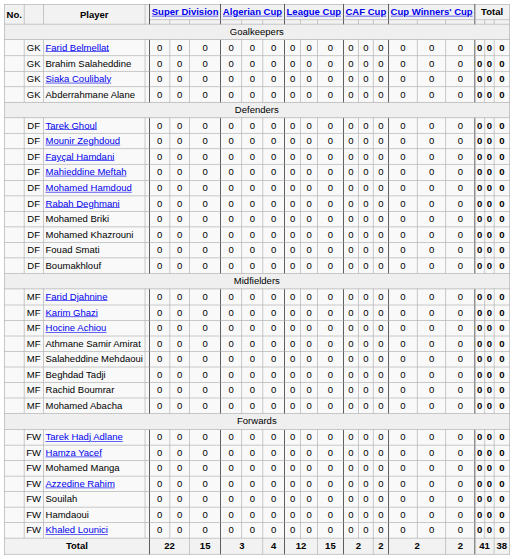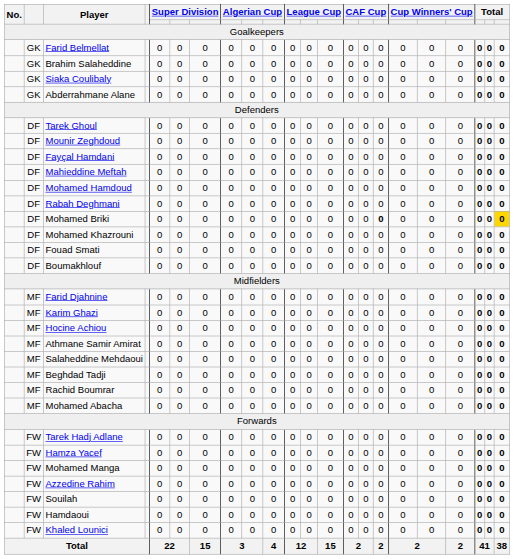 <table class="wikitable mw-datatable sortable nowrap" style="text-align:center; font-size:96%;">
 <tr>
 <th rowspan="2">No.</th>
 <th rowspan="2"></th>
 <th rowspan="2">Player</th>
 <th rowspan="2" style="border-right: 1pt black solid"></th>
 <th colspan="3" style="border-right: 1pt black solid"><a href='#'>Super Division</a></th>
 <th colspan="3" style="border-right: 1pt black solid"><a href='#'>Algerian Cup</a></th>
 <th colspan="3" style="border-right: 1pt black solid"><a href='#'>League Cup</a></th>
 <th colspan="3" style="border-right: 1pt black solid"><a href='#'>CAF Cup</a></th>
 <th colspan="3" style="border-right: 1pt black solid"><a href='#'>Cup Winners' Cup</a></th>
 <th colspan="3">Total</th>
 </tr>
 <tr>
 <th></th>
 <th></th>
 <th style="border-right: 1pt black solid"></th>
 <th></th>
 <th></th>
 <th style="border-right: 1pt black solid"></th>
 <th></th>
 <th></th>
 <th style="border-right: 1pt black solid"></th>
 <th></th>
 <th></th>
 <th style="border-right: 1pt black solid"></th>
 <th></th>
 <th></th>
 <th style="border-right: 1pt black solid"></th>
 <th></th>
 <th></th>
 <th></th>
 </tr>
 <tr bgcolor=efefef class="sortbottom">
 <td colspan=22>Goalkeepers</td>
 </tr>
 <tr>
 <td></td>
 <td>GK</td>
 <td style="text-align:left"><a href='#'>Farid Belmellat</a></td>
 <td style="border-right: 1pt black solid"></td>
 <td>0</td>
 <td>0</td>
 <td style="border-right: 1pt black solid">0</td>
 <td>0</td>
 <td>0</td>
 <td style="border-right: 1pt black solid">0</td>
 <td>0</td>
 <td>0</td>
 <td style="border-right: 1pt black solid">0</td>
 <td>0</td>
 <td>0</td>
 <td style="border-right: 1pt black solid">0</td>
 <td>0</td>
 <td>0</td>
 <td style="border-right: 1pt black solid">0</td>
 <td><strong>0</strong></td>
 <td><strong>0</strong></td>
 <td><strong>0</strong></td>
 </tr>
 <tr>
 <td></td>
 <td>GK</td>
 <td style="text-align:left">Brahim Salaheddine</td>
 <td style="border-right: 1pt black solid"></td>
 <td>0</td>
 <td>0</td>
 <td style="border-right: 1pt black solid">0</td>
 <td>0</td>
 <td>0</td>
 <td style="border-right: 1pt black solid">0</td>
 <td>0</td>
 <td>0</td>
 <td style="border-right: 1pt black solid">0</td>
 <td>0</td>
 <td>0</td>
 <td style="border-right: 1pt black solid">0</td>
 <td>0</td>
 <td>0</td>
 <td style="border-right: 1pt black solid">0</td>
 <td><strong>0</strong></td>
 <td><strong>0</strong></td>
 <td><strong>0</strong></td>
 </tr>
 <tr>
 <td></td>
 <td>GK</td>
 <td style="text-align:left"><a href='#'>Siaka Coulibaly</a></td>
 <td style="border-right: 1pt black solid"></td>
 <td>0</td>
 <td>0</td>
 <td style="border-right: 1pt black solid">0</td>
 <td>0</td>
 <td>0</td>
 <td style="border-right: 1pt black solid">0</td>
 <td>0</td>
 <td>0</td>
 <td style="border-right: 1pt black solid">0</td>
 <td>0</td>
 <td>0</td>
 <td style="border-right: 1pt black solid">0</td>
 <td>0</td>
 <td>0</td>
 <td style="border-right: 1pt black solid">0</td>
 <td><strong>0</strong></td>
 <td><strong>0</strong></td>
 <td><strong>0</strong></td>
 </tr>
 <tr>
 <td></td>
 <td>GK</td>
 <td style="text-align:left">Abderrahmane Alane</td>
 <td style="border-right: 1pt black solid"></td>
 <td>0</td>
 <td>0</td>
 <td style="border-right: 1pt black solid">0</td>
 <td>0</td>
 <td>0</td>
 <td style="border-right: 1pt black solid">0</td>
 <td>0</td>
 <td>0</td>
 <td style="border-right: 1pt black solid">0</td>
 <td>0</td>
 <td>0</td>
 <td style="border-right: 1pt black solid">0</td>
 <td>0</td>
 <td>0</td>
 <td style="border-right: 1pt black solid">0</td>
 <td><strong>0</strong></td>
 <td><strong>0</strong></td>
 <td><strong>0</strong></td>
 </tr>
 <tr bgcolor=efefef class="sortbottom">
 <td colspan=22>Defenders</td>
 </tr>
 <tr>
 <td></td>
 <td>DF</td>
 <td style="text-align:left"><a href='#'>Tarek Ghoul</a></td>
 <td style="border-right: 1pt black solid"></td>
 <td>0</td>
 <td>0</td>
 <td style="border-right: 1pt black solid">0</td>
 <td>0</td>
 <td>0</td>
 <td style="border-right: 1pt black solid">0</td>
 <td>0</td>
 <td>0</td>
 <td style="border-right: 1pt black solid">0</td>
 <td>0</td>
 <td>0</td>
 <td style="border-right: 1pt black solid">0</td>
 <td>0</td>
 <td>0</td>
 <td style="border-right: 1pt black solid">0</td>
 <td><strong>0</strong></td>
 <td><strong>0</strong></td>
 <td><strong>0</strong></td>
 </tr>
 <tr>
 <td></td>
 <td>DF</td>
 <td style="text-align:left"><a href='#'>Mounir Zeghdoud</a></td>
 <td style="border-right: 1pt black solid"></td>
 <td>0</td>
 <td>0</td>
 <td style="border-right: 1pt black solid">0</td>
 <td>0</td>
 <td>0</td>
 <td style="border-right: 1pt black solid">0</td>
 <td>0</td>
 <td>0</td>
 <td style="border-right: 1pt black solid">0</td>
 <td>0</td>
 <td>0</td>
 <td style="border-right: 1pt black solid">0</td>
 <td>0</td>
 <td>0</td>
 <td style="border-right: 1pt black solid">0</td>
 <td><strong>0</strong></td>
 <td><strong>0</strong></td>
 <td><strong>0</strong></td>
 </tr>
 <tr>
 <td></td>
 <td>DF</td>
 <td style="text-align:left"><a href='#'>Fayçal Hamdani</a></td>
 <td style="border-right: 1pt black solid"></td>
 <td>0</td>
 <td>0</td>
 <td style="border-right: 1pt black solid">0</td>
 <td>0</td>
 <td>0</td>
 <td style="border-right: 1pt black solid">0</td>
 <td>0</td>
 <td>0</td>
 <td style="border-right: 1pt black solid">0</td>
 <td>0</td>
 <td>0</td>
 <td style="border-right: 1pt black solid">0</td>
 <td>0</td>
 <td>0</td>
 <td style="border-right: 1pt black solid">0</td>
 <td><strong>0</strong></td>
 <td><strong>0</strong></td>
 <td><strong>0</strong></td>
 </tr>
 <tr>
 <td></td>
 <td>DF</td>
 <td style="text-align:left"><a href='#'>Mahieddine Meftah</a></td>
 <td style="border-right: 1pt black solid"></td>
 <td>0</td>
 <td>0</td>
 <td style="border-right: 1pt black solid">0</td>
 <td>0</td>
 <td>0</td>
 <td style="border-right: 1pt black solid">0</td>
 <td>0</td>
 <td>0</td>
 <td style="border-right: 1pt black solid">0</td>
 <td>0</td>
 <td>0</td>
 <td style="border-right: 1pt black solid">0</td>
 <td>0</td>
 <td>0</td>
 <td style="border-right: 1pt black solid">0</td>
 <td><strong>0</strong></td>
 <td><strong>0</strong></td>
 <td><strong>0</strong></td>
 </tr>
 <tr>
 <td></td>
 <td>DF</td>
 <td style="text-align:left"><a href='#'>Mohamed Hamdoud</a></td>
 <td style="border-right: 1pt black solid"></td>
 <td>0</td>
 <td>0</td>
 <td style="border-right: 1pt black solid">0</td>
 <td>0</td>
 <td>0</td>
 <td style="border-right: 1pt black solid">0</td>
 <td>0</td>
 <td>0</td>
 <td style="border-right: 1pt black solid">0</td>
 <td>0</td>
 <td>0</td>
 <td style="border-right: 1pt black solid">0</td>
 <td>0</td>
 <td>0</td>
 <td style="border-right: 1pt black solid">0</td>
 <td><strong>0</strong></td>
 <td><strong>0</strong></td>
 <td><strong>0</strong></td>
 </tr>
 <tr>
 <td></td>
 <td>DF</td>
 <td style="text-align:left"><a href='#'>Rabah Deghmani</a></td>
 <td style="border-right: 1pt black solid"></td>
 <td>0</td>
 <td>0</td>
 <td style="border-right: 1pt black solid">0</td>
 <td>0</td>
 <td>0</td>
 <td style="border-right: 1pt black solid">0</td>
 <td>0</td>
 <td>0</td>
 <td style="border-right: 1pt black solid">0</td>
 <td>0</td>
 <td>0</td>
 <td style="border-right: 1pt black solid">0</td>
 <td>0</td>
 <td>0</td>
 <td style="border-right: 1pt black solid">0</td>
 <td><strong>0</strong></td>
 <td><strong>0</strong></td>
 <td><strong>0</strong></td>
 </tr>
 <tr>
 <td></td>
 <td>DF</td>
 <td style="text-align:left">Mohamed Briki</td>
 <td style="border-right: 1pt black solid"></td>
 <td>0</td>
 <td>0</td>
 <td style="border-right: 1pt black solid">0</td>
 <td>0</td>
 <td>0</td>
 <td style="border-right: 1pt black solid">0</td>
 <td>0</td>
 <td>0</td>
 <td style="border-right: 1pt black solid">0</td>
 <td>0</td>
 <td>0</td>
-<td style="border-right: 1pt black solid">0</td>
+<td style="border-right: 1pt black solid"><strong>0</strong></td>
 <td>0</td>
 <td>0</td>
 <td style="border-right: 1pt black solid">0</td>
 <td><strong>0</strong></td>
 <td><strong>0</strong></td>
-<td><strong>0</strong></td>
+<td style="background: gold;"><strong>0</strong></td>
 </tr>
 <tr>
 <td></td>
 <td>DF</td>
 <td style="text-align:left">Mohamed Khazrouni</td>
 <td style="border-right: 1pt black solid"></td>
 <td>0</td>
 <td>0</td>
 <td style="border-right: 1pt black solid">0</td>
 <td>0</td>
 <td>0</td>
 <td style="border-right: 1pt black solid">0</td>
 <td>0</td>
 <td>0</td>
 <td style="border-right: 1pt black solid">0</td>
 <td>0</td>
 <td>0</td>
 <td style="border-right: 1pt black solid">0</td>
 <td>0</td>
 <td>0</td>
 <td style="border-right: 1pt black solid">0</td>
 <td><strong>0</strong></td>
 <td><strong>0</strong></td>
 <td><strong>0</strong></td>
 </tr>
 <tr>
 <td></td>
 <td>DF</td>
 <td style="text-align:left">Fouad Smati</td>
 <td style="border-right: 1pt black solid"></td>
 <td>0</td>
 <td>0</td>
 <td style="border-right: 1pt black solid">0</td>
 <td>0</td>
 <td>0</td>
 <td style="border-right: 1pt black solid">0</td>
 <td>0</td>
 <td>0</td>
 <td style="border-right: 1pt black solid">0</td>
 <td>0</td>
 <td>0</td>
 <td style="border-right: 1pt black solid">0</td>
 <td>0</td>
 <td>0</td>
 <td style="border-right: 1pt black solid">0</td>
 <td><strong>0</strong></td>
 <td><strong>0</strong></td>
 <td><strong>0</strong></td>
 </tr>
 <tr>
 <td></td>
 <td>DF</td>
 <td style="text-align:left">Boumakhlouf</td>
 <td style="border-right: 1pt black solid"></td>
 <td>0</td>
 <td>0</td>
 <td style="border-right: 1pt black solid">0</td>
 <td>0</td>
 <td>0</td>
 <td style="border-right: 1pt black solid">0</td>
 <td>0</td>
 <td>0</td>
 <td style="border-right: 1pt black solid">0</td>
 <td>0</td>
 <td>0</td>
 <td style="border-right: 1pt black solid">0</td>
 <td>0</td>
 <td>0</td>
 <td style="border-right: 1pt black solid">0</td>
 <td><strong>0</strong></td>
 <td><strong>0</strong></td>
 <td><strong>0</strong></td>
 </tr>
 <tr bgcolor=efefef class="sortbottom">
 <td colspan=22>Midfielders</td>
 </tr>
 <tr>
 <td></td>
 <td>MF</td>
 <td style="text-align:left"><a href='#'>Farid Djahnine</a></td>
 <td style="border-right: 1pt black solid"></td>
 <td>0</td>
 <td>0</td>
 <td style="border-right: 1pt black solid">0</td>
 <td>0</td>
 <td>0</td>
 <td style="border-right: 1pt black solid">0</td>
 <td>0</td>
 <td>0</td>
 <td style="border-right: 1pt black solid">0</td>
 <td>0</td>
 <td>0</td>
 <td style="border-right: 1pt black solid">0</td>
 <td>0</td>
 <td>0</td>
 <td style="border-right: 1pt black solid">0</td>
 <td><strong>0</strong></td>
 <td><strong>0</strong></td>
 <td><strong>0</strong></td>
 </tr>
 <tr>
 <td></td>
 <td>MF</td>
 <td style="text-align:left"><a href='#'>Karim Ghazi</a></td>
 <td style="border-right: 1pt black solid"></td>
 <td>0</td>
 <td>0</td>
 <td style="border-right: 1pt black solid">0</td>
 <td>0</td>
 <td>0</td>
 <td style="border-right: 1pt black solid">0</td>
 <td>0</td>
 <td>0</td>
 <td style="border-right: 1pt black solid">0</td>
 <td>0</td>
 <td>0</td>
 <td style="border-right: 1pt black solid">0</td>
 <td>0</td>
 <td>0</td>
 <td style="border-right: 1pt black solid">0</td>
 <td><strong>0</strong></td>
 <td><strong>0</strong></td>
 <td><strong>0</strong></td>
 </tr>
 <tr>
 <td></td>
 <td>MF</td>
 <td style="text-align:left"><a href='#'>Hocine Achiou</a></td>
 <td style="border-right: 1pt black solid"></td>
 <td>0</td>
 <td>0</td>
 <td style="border-right: 1pt black solid">0</td>
 <td>0</td>
 <td>0</td>
 <td style="border-right: 1pt black solid">0</td>
 <td>0</td>
 <td>0</td>
 <td style="border-right: 1pt black solid">0</td>
 <td>0</td>
 <td>0</td>
 <td style="border-right: 1pt black solid">0</td>
 <td>0</td>
 <td>0</td>
 <td style="border-right: 1pt black solid">0</td>
 <td><strong>0</strong></td>
 <td><strong>0</strong></td>
 <td><strong>0</strong></td>
 </tr>
 <tr>
 <td></td>
 <td>MF</td>
 <td style="text-align:left">Athmane Samir Amirat</td>
 <td style="border-right: 1pt black solid"></td>
 <td>0</td>
 <td>0</td>
 <td style="border-right: 1pt black solid">0</td>
 <td>0</td>
 <td>0</td>
 <td style="border-right: 1pt black solid">0</td>
 <td>0</td>
 <td>0</td>
 <td style="border-right: 1pt black solid">0</td>
 <td>0</td>
 <td>0</td>
 <td style="border-right: 1pt black solid">0</td>
 <td>0</td>
 <td>0</td>
 <td style="border-right: 1pt black solid">0</td>
 <td><strong>0</strong></td>
 <td><strong>0</strong></td>
 <td><strong>0</strong></td>
 </tr>
 <tr>
 <td></td>
 <td>MF</td>
 <td style="text-align:left">Salaheddine Mehdaoui</td>
 <td style="border-right: 1pt black solid"></td>
 <td>0</td>
 <td>0</td>
 <td style="border-right: 1pt black solid">0</td>
 <td>0</td>
 <td>0</td>
 <td style="border-right: 1pt black solid">0</td>
 <td>0</td>
 <td>0</td>
 <td style="border-right: 1pt black solid">0</td>
 <td>0</td>
 <td>0</td>
 <td style="border-right: 1pt black solid">0</td>
 <td>0</td>
 <td>0</td>
 <td style="border-right: 1pt black solid">0</td>
 <td><strong>0</strong></td>
 <td><strong>0</strong></td>
 <td><strong>0</strong></td>
 </tr>
 <tr>
 <td></td>
 <td>MF</td>
 <td style="text-align:left">Beghdad Tadji</td>
 <td style="border-right: 1pt black solid"></td>
 <td>0</td>
 <td>0</td>
 <td style="border-right: 1pt black solid">0</td>
 <td>0</td>
 <td>0</td>
 <td style="border-right: 1pt black solid">0</td>
 <td>0</td>
 <td>0</td>
 <td style="border-right: 1pt black solid">0</td>
 <td>0</td>
 <td>0</td>
 <td style="border-right: 1pt black solid">0</td>
 <td>0</td>
 <td>0</td>
 <td style="border-right: 1pt black solid">0</td>
 <td><strong>0</strong></td>
 <td><strong>0</strong></td>
 <td><strong>0</strong></td>
 </tr>
 <tr>
 <td></td>
 <td>MF</td>
 <td style="text-align:left">Rachid Boumrar</td>
 <td style="border-right: 1pt black solid"></td>
 <td>0</td>
 <td>0</td>
 <td style="border-right: 1pt black solid">0</td>
 <td>0</td>
 <td>0</td>
 <td style="border-right: 1pt black solid">0</td>
 <td>0</td>
 <td>0</td>
 <td style="border-right: 1pt black solid">0</td>
 <td>0</td>
 <td>0</td>
 <td style="border-right: 1pt black solid">0</td>
 <td>0</td>
 <td>0</td>
 <td style="border-right: 1pt black solid">0</td>
 <td><strong>0</strong></td>
 <td><strong>0</strong></td>
 <td><strong>0</strong></td>
 </tr>
 <tr>
 <td></td>
 <td>MF</td>
 <td style="text-align:left">Mohamed Abacha</td>
 <td style="border-right: 1pt black solid"></td>
 <td>0</td>
 <td>0</td>
 <td style="border-right: 1pt black solid">0</td>
 <td>0</td>
 <td>0</td>
 <td style="border-right: 1pt black solid">0</td>
 <td>0</td>
 <td>0</td>
 <td style="border-right: 1pt black solid">0</td>
 <td>0</td>
 <td>0</td>
 <td style="border-right: 1pt black solid">0</td>
 <td>0</td>
 <td>0</td>
 <td style="border-right: 1pt black solid">0</td>
 <td><strong>0</strong></td>
 <td><strong>0</strong></td>
 <td><strong>0</strong></td>
 </tr>
 <tr bgcolor=efefef class="sortbottom">
 <td colspan=22>Forwards</td>
 </tr>
 <tr>
 <td></td>
 <td>FW</td>
 <td style="text-align:left"><a href='#'>Tarek Hadj Adlane</a></td>
 <td style="border-right: 1pt black solid"></td>
 <td>0</td>
 <td>0</td>
 <td style="border-right: 1pt black solid">0</td>
 <td>0</td>
 <td>0</td>
 <td style="border-right: 1pt black solid">0</td>
 <td>0</td>
 <td>0</td>
 <td style="border-right: 1pt black solid">0</td>
 <td>0</td>
 <td>0</td>
 <td style="border-right: 1pt black solid">0</td>
 <td>0</td>
 <td>0</td>
 <td style="border-right: 1pt black solid">0</td>
 <td><strong>0</strong></td>
 <td><strong>0</strong></td>
 <td><strong>0</strong></td>
 </tr>
 <tr>
 <td></td>
 <td>FW</td>
 <td style="text-align:left"><a href='#'>Hamza Yacef</a></td>
 <td style="border-right: 1pt black solid"></td>
 <td>0</td>
 <td>0</td>
 <td style="border-right: 1pt black solid">0</td>
 <td>0</td>
 <td>0</td>
 <td style="border-right: 1pt black solid">0</td>
 <td>0</td>
 <td>0</td>
 <td style="border-right: 1pt black solid">0</td>
 <td>0</td>
 <td>0</td>
 <td style="border-right: 1pt black solid">0</td>
 <td>0</td>
 <td>0</td>
 <td style="border-right: 1pt black solid">0</td>
 <td><strong>0</strong></td>
 <td><strong>0</strong></td>
 <td><strong>0</strong></td>
 </tr>
 <tr>
 <td></td>
 <td>FW</td>
 <td style="text-align:left">Mohamed Manga</td>
 <td style="border-right: 1pt black solid"></td>
 <td>0</td>
 <td>0</td>
 <td style="border-right: 1pt black solid">0</td>
 <td>0</td>
 <td>0</td>
 <td style="border-right: 1pt black solid">0</td>
 <td>0</td>
 <td>0</td>
 <td style="border-right: 1pt black solid">0</td>
 <td>0</td>
 <td>0</td>
 <td style="border-right: 1pt black solid">0</td>
 <td>0</td>
 <td>0</td>
 <td style="border-right: 1pt black solid">0</td>
 <td><strong>0</strong></td>
 <td><strong>0</strong></td>
 <td><strong>0</strong></td>
 </tr>
 <tr>
 <td></td>
 <td>FW</td>
 <td style="text-align:left"><a href='#'>Azzedine Rahim</a></td>
 <td style="border-right: 1pt black solid"></td>
 <td>0</td>
 <td>0</td>
 <td style="border-right: 1pt black solid">0</td>
 <td>0</td>
 <td>0</td>
 <td style="border-right: 1pt black solid">0</td>
 <td>0</td>
 <td>0</td>
 <td style="border-right: 1pt black solid">0</td>
 <td>0</td>
 <td>0</td>
 <td style="border-right: 1pt black solid">0</td>
 <td>0</td>
 <td>0</td>
 <td style="border-right: 1pt black solid">0</td>
 <td><strong>0</strong></td>
 <td><strong>0</strong></td>
 <td><strong>0</strong></td>
 </tr>
 <tr>
 <td></td>
 <td>FW</td>
 <td style="text-align:left">Souilah</td>
 <td style="border-right: 1pt black solid"></td>
 <td>0</td>
 <td>0</td>
 <td style="border-right: 1pt black solid">0</td>
 <td>0</td>
 <td>0</td>
 <td style="border-right: 1pt black solid">0</td>
 <td>0</td>
 <td>0</td>
 <td style="border-right: 1pt black solid">0</td>
 <td>0</td>
 <td>0</td>
 <td style="border-right: 1pt black solid">0</td>
 <td>0</td>
 <td>0</td>
 <td style="border-right: 1pt black solid">0</td>
 <td><strong>0</strong></td>
 <td><strong>0</strong></td>
 <td><strong>0</strong></td>
 </tr>
 <tr>
 <td></td>
 <td>FW</td>
 <td style="text-align:left">Hamdaoui</td>
 <td style="border-right: 1pt black solid"></td>
 <td>0</td>
 <td>0</td>
 <td style="border-right: 1pt black solid">0</td>
 <td>0</td>
 <td>0</td>
 <td style="border-right: 1pt black solid">0</td>
 <td>0</td>
 <td>0</td>
 <td style="border-right: 1pt black solid">0</td>
 <td>0</td>
 <td>0</td>
 <td style="border-right: 1pt black solid">0</td>
 <td>0</td>
 <td>0</td>
 <td style="border-right: 1pt black solid">0</td>
 <td><strong>0</strong></td>
 <td><strong>0</strong></td>
 <td><strong>0</strong></td>
 </tr>
 <tr>
 <td></td>
 <td>FW</td>
 <td style="text-align:left"><a href='#'>Khaled Lounici</a></td>
 <td style="border-right: 1pt black solid"></td>
 <td>0</td>
 <td>0</td>
 <td style="border-right: 1pt black solid">0</td>
 <td>0</td>
 <td>0</td>
 <td style="border-right: 1pt black solid">0</td>
 <td>0</td>
 <td>0</td>
 <td style="border-right: 1pt black solid">0</td>
 <td>0</td>
 <td>0</td>
 <td style="border-right: 1pt black solid">0</td>
 <td>0</td>
 <td>0</td>
 <td style="border-right: 1pt black solid">0</td>
 <td><strong>0</strong></td>
 <td><strong>0</strong></td>
 <td><strong>0</strong></td>
 </tr>
 <tr class="sortbottom">
 <th colspan=4 style="border-right: 1pt black solid">Total</th>
 <th colspan=2>22</th>
 <th style="border-right: 1pt black solid">15</th>
 <th colspan=2>3</th>
 <th style="border-right: 1pt black solid">4</th>
 <th colspan=2>12</th>
 <th style="border-right: 1pt black solid">15</th>
 <th colspan=2>2</th>
 <th style="border-right: 1pt black solid">2</th>
 <th colspan=2>2</th>
 <th style="border-right: 1pt black solid">2</th>
 <th colspan=2>41</th>
 <th>38</th>
 </tr>
 </table>
